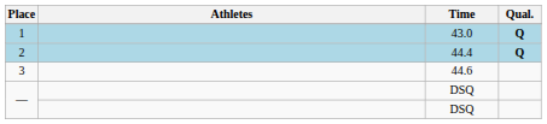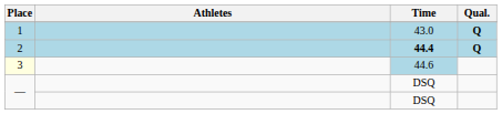 <table class=wikitable style="text-align:center">
 <tr>
 <th width=20>Place</th>
 <th width=510>Athletes</th>
 <th width=90>Time</th>
 <th width=50>Qual.</th>
 </tr>
 <tr>
 </tr>
 <tr bgcolor=lightblue>
 <td>1</td>
 <td align=left></td>
 <td>43.0</td>
 <td><strong>Q</strong></td>
 </tr>
 <tr bgcolor=lightblue>
 <td>2</td>
 <td align=left></td>
-<td>44.4</td>
+<td><strong>44.4</strong></td>
 <td><strong>Q</strong></td>
 </tr>
 <tr>
-<td>3</td>
+<td style="background: lightyellow;">3</td>
 <td align=left></td>
-<td>44.6</td>
+<td style="background: lightblue;">44.6</td>
 <td></td>
 </tr>
 <tr>
 <td rowspan=2>—</td>
 <td align=left></td>
 <td>DSQ</td>
 <td></td>
 </tr>
 <tr>
 <td align=left></td>
 <td>DSQ</td>
 <td></td>
 </tr>
 </table>
